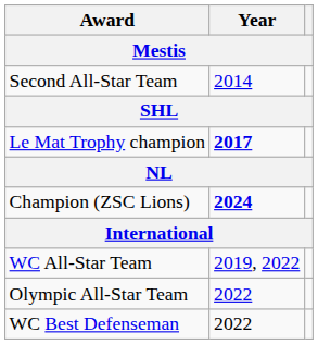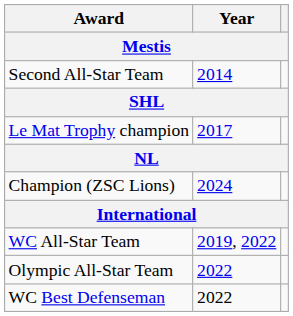 <table class="wikitable">
 <tr>
 <th>Award</th>
 <th>Year</th>
 <th></th>
 </tr>
 <tr>
 <th colspan="3"><a href='#'>Mestis</a></th>
 </tr>
 <tr>
 <td>Second All-Star Team</td>
 <td><a href='#'>2014</a></td>
 <td></td>
 </tr>
 <tr>
 <th colspan="3"><a href='#'>SHL</a></th>
 </tr>
 <tr>
 <td><a href='#'>Le Mat Trophy</a> champion</td>
-<td><strong><a href='#'>2017</a></strong></td>
+<td><a href='#'>2017</a></td>
 <td></td>
 </tr>
 <tr>
 <th colspan="3"><a href='#'>NL</a></th>
 </tr>
 <tr>
 <td>Champion (ZSC Lions)</td>
-<td><strong><a href='#'>2024</a></strong></td>
+<td><a href='#'>2024</a></td>
 <td></td>
 </tr>
 <tr>
 <th colspan="3"><a href='#'>International</a></th>
 </tr>
 <tr>
 <td><a href='#'>WC</a> All-Star Team</td>
 <td><a href='#'>2019</a>, <a href='#'>2022</a></td>
 <td></td>
 </tr>
 <tr>
 <td>Olympic All-Star Team</td>
 <td><a href='#'>2022</a></td>
 <td></td>
 </tr>
 <tr>
 <td>WC <a href='#'>Best Defenseman</a></td>
 <td>2022</td>
 <td></td>
 </tr>
 </table>
